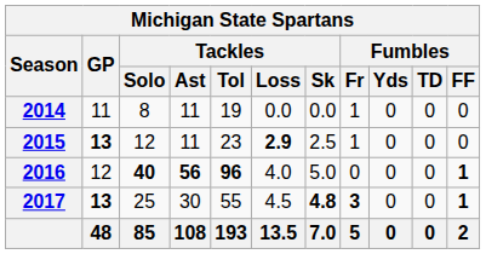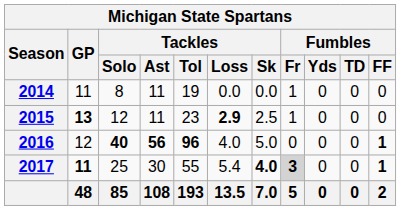 <table class="wikitable" style="text-align:center;">
 <tr>
 <th colspan="16">Michigan State Spartans</th>
 </tr>
 <tr>
 <th rowspan="2">Season</th>
 <th rowspan="2">GP</th>
 <th colspan="5">Tackles</th>
 <th colspan="4">Fumbles</th>
 </tr>
 <tr>
 <th>Solo</th>
 <th>Ast</th>
 <th>Tol</th>
 <th>Loss</th>
 <th>Sk</th>
 <th>Fr</th>
 <th>Yds</th>
 <th>TD</th>
 <th>FF</th>
 </tr>
 <tr>
 <th><a href='#'>2014</a></th>
 <td>11</td>
 <td>8</td>
 <td>11</td>
 <td>19</td>
 <td>0.0</td>
 <td>0.0</td>
 <td>1</td>
 <td>0</td>
 <td>0</td>
 <td>0</td>
 </tr>
 <tr>
 <th><a href='#'>2015</a></th>
 <td><strong>13</strong></td>
 <td>12</td>
 <td>11</td>
 <td>23</td>
 <td><strong>2.9</strong></td>
 <td>2.5</td>
 <td>1</td>
 <td>0</td>
 <td>0</td>
 <td>0</td>
 </tr>
 <tr>
 <th><a href='#'>2016</a></th>
 <td>12</td>
 <td><strong>40</strong></td>
 <td><strong>56</strong></td>
 <td><strong>96</strong></td>
 <td>4.0</td>
 <td>5.0</td>
 <td>0</td>
 <td>0</td>
 <td>0</td>
 <td><strong>1</strong></td>
 </tr>
 <tr>
 <th><a href='#'>2017</a></th>
-<td><strong>13</strong></td>
+<td><strong>11</strong></td>
 <td>25</td>
 <td>30</td>
 <td>55</td>
-<td>4.5</td>
-<td><strong>4.8</strong></td>
-<td><strong>3</strong></td>
+<td>5.4</td>
+<td><strong>4.0</strong></td>
+<td style="background: lightgrey;"><strong>3</strong></td>
 <td>0</td>
 <td>0</td>
 <td><strong>1</strong></td>
 </tr>
 <tr>
 <th></th>
 <th>48</th>
 <th>85</th>
 <th>108</th>
 <th>193</th>
 <th>13.5</th>
 <th>7.0</th>
 <th>5</th>
 <th>0</th>
 <th>0</th>
 <th>2</th>
 </tr>
 </table>
